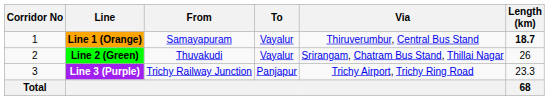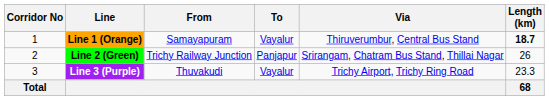 <table class="wikitable sortable">
 <tr>
 <th>Corridor No</th>
 <th>Line</th>
 <th>From</th>
 <th>To</th>
 <th>Via</th>
 <th>Length<br>(km)</th>
 </tr>
 <tr>
 <td style="text-align:center;">1</td>
 <td style="background:#FFA500; text-align: center;"><strong>Line 1 (Orange) </strong></td>
 <td style="text-align:center;"><a href='#'>Samayapuram</a></td>
 <td style="text-align:center;"><a href='#'>Vayalur</a></td>
 <td style="text-align:center;"><a href='#'>Thiruverumbur</a>, <a href='#'>Central Bus Stand</a></td>
 <td style="text-align:center;"><strong>18.7</strong></td>
 </tr>
 <tr>
 <td style="text-align:center;">2</td>
 <td style="background:#00FF00; text-align: center;"><strong>Line 2 (Green)</strong></td>
-<td style="text-align:center;"><a href='#'>Thuvakudi</a></td>
-<td style="text-align:center;"><a href='#'>Vayalur</a></td>
+<td style="text-align:center;"><a href='#'>Trichy Railway Junction</a></td>
+<td style="text-align:center;"><a href='#'>Panjapur</a></td>
 <td style="text-align:center;"><a href='#'>Srirangam</a>, <a href='#'>Chatram Bus Stand</a>, <a href='#'>Thillai Nagar</a></td>
 <td style="text-align:center;">26</td>
 </tr>
 <tr>
 <td style="text-align:center;">3</td>
 <td style="background:#A020F0; text-align: center; color:#ffffff;"><strong>Line 3 (Purple)</strong></td>
-<td style="text-align:center;"><a href='#'>Trichy Railway Junction</a></td>
-<td style="text-align:center;"><a href='#'>Panjapur</a></td>
+<td style="text-align:center;"><a href='#'>Thuvakudi</a></td>
+<td style="text-align:center;"><a href='#'>Vayalur</a></td>
 <td style="text-align:center;"><a href='#'>Trichy Airport</a>, <a href='#'>Trichy Ring Road</a></td>
 <td style="text-align:center;">23.3</td>
 </tr>
 <tr>
 <th>Total</th>
 <th colspan="4"></th>
 <th>68</th>
 </tr>
 </table>
